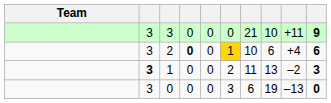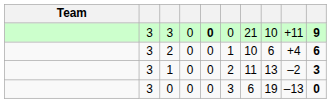 <table class="wikitable" style="text-align: center;">
 <tr>
 <th style="width:175px;">Team</th>
 <th width="20"></th>
 <th width="20"></th>
 <th width="20"></th>
 <th width="20"></th>
 <th width="20"></th>
 <th width="20"></th>
 <th width="20"></th>
 <th></th>
 <th width="20"></th>
 </tr>
 <tr bgcolor=#ccffcc>
 <td align=left></td>
 <td>3</td>
 <td>3</td>
 <td>0</td>
-<td>0</td>
+<td><strong>0</strong></td>
 <td>0</td>
 <td>21</td>
 <td>10</td>
 <td>+11</td>
 <td><strong>9</strong></td>
 </tr>
 <tr>
 <td align=left></td>
 <td>3</td>
 <td>2</td>
-<td><strong>0</strong></td>
 <td>0</td>
-<td style="background: gold;">1</td>
+<td>0</td>
+<td>1</td>
 <td>10</td>
 <td>6</td>
 <td>+4</td>
 <td><strong>6</strong></td>
 </tr>
 <tr>
 <td align=left></td>
-<td><strong>3</strong></td>
+<td>3</td>
 <td>1</td>
 <td>0</td>
 <td>0</td>
 <td>2</td>
 <td>11</td>
 <td>13</td>
 <td>–2</td>
 <td><strong>3</strong></td>
 </tr>
 <tr>
 <td align=left></td>
 <td>3</td>
 <td>0</td>
 <td>0</td>
 <td>0</td>
 <td>3</td>
 <td>6</td>
 <td>19</td>
 <td>–13</td>
 <td><strong>0</strong></td>
 </tr>
 </table>
